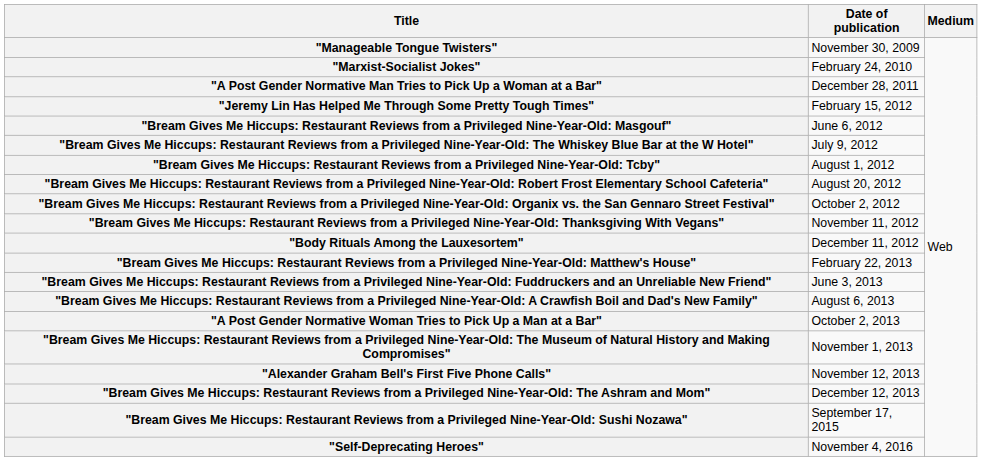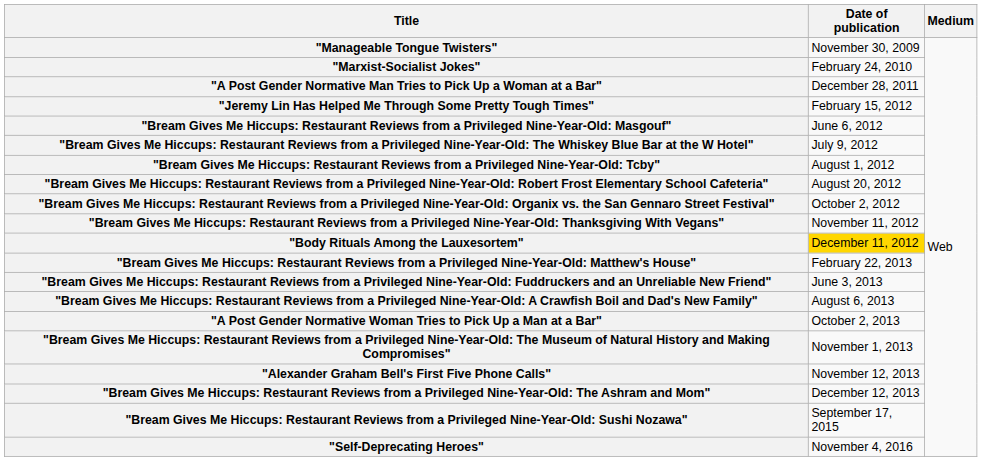 <table class="wikitable plainrowheaders sortable" style="margin-right: 0;">
 <tr>
 <th scope="col">Title</th>
 <th scope="col">Date of publication</th>
 <th>Medium</th>
 </tr>
 <tr>
 <th scope="row">"Manageable Tongue Twisters"</th>
 <td>November 30, 2009</td>
 <td rowspan="20">Web</td>
 </tr>
 <tr>
 <th scope="row">"Marxist-Socialist Jokes"</th>
 <td>February 24, 2010</td>
 </tr>
 <tr>
 <th scope="row">"A Post Gender Normative Man Tries to Pick Up a Woman at a Bar"</th>
 <td>December 28, 2011</td>
 </tr>
 <tr>
 <th scope="row">"Jeremy Lin Has Helped Me Through Some Pretty Tough Times"</th>
 <td>February 15, 2012</td>
 </tr>
 <tr>
 <th scope="row">"Bream Gives Me Hiccups: Restaurant Reviews from a Privileged Nine-Year-Old: Masgouf"</th>
 <td>June 6, 2012</td>
 </tr>
 <tr>
 <th scope="row">"Bream Gives Me Hiccups: Restaurant Reviews from a Privileged Nine-Year-Old: The Whiskey Blue Bar at the W Hotel"</th>
 <td>July 9, 2012</td>
 </tr>
 <tr>
 <th scope="row">"Bream Gives Me Hiccups: Restaurant Reviews from a Privileged Nine-Year-Old: Tcby"</th>
 <td>August 1, 2012</td>
 </tr>
 <tr>
 <th scope="row">"Bream Gives Me Hiccups: Restaurant Reviews from a Privileged Nine-Year-Old: Robert Frost Elementary School Cafeteria"</th>
 <td>August 20, 2012</td>
 </tr>
 <tr>
 <th scope="row">"Bream Gives Me Hiccups: Restaurant Reviews from a Privileged Nine-Year-Old: Organix vs. the San Gennaro Street Festival"</th>
 <td>October 2, 2012</td>
 </tr>
 <tr>
 <th scope="row">"Bream Gives Me Hiccups: Restaurant Reviews from a Privileged Nine-Year-Old: Thanksgiving With Vegans"</th>
 <td>November 11, 2012</td>
 </tr>
 <tr>
 <th scope="row">"Body Rituals Among the Lauxesortem"</th>
-<td>December 11, 2012</td>
+<td style="background: gold;">December 11, 2012</td>
 </tr>
 <tr>
 <th scope="row">"Bream Gives Me Hiccups: Restaurant Reviews from a Privileged Nine-Year-Old: Matthew's House"</th>
 <td>February 22, 2013</td>
 </tr>
 <tr>
 <th scope="row">"Bream Gives Me Hiccups: Restaurant Reviews from a Privileged Nine-Year-Old: Fuddruckers and an Unreliable New Friend"</th>
 <td>June 3, 2013</td>
 </tr>
 <tr>
 <th scope="row">"Bream Gives Me Hiccups: Restaurant Reviews from a Privileged Nine-Year-Old: A Crawfish Boil and Dad's New Family"</th>
 <td>August 6, 2013</td>
 </tr>
 <tr>
 <th scope="row">"A Post Gender Normative Woman Tries to Pick Up a Man at a Bar"</th>
 <td>October 2, 2013</td>
 </tr>
 <tr>
 <th scope="row">"Bream Gives Me Hiccups: Restaurant Reviews from a Privileged Nine-Year-Old: The Museum of Natural History and Making Compromises"</th>
 <td>November 1, 2013</td>
 </tr>
 <tr>
 <th scope="row">"Alexander Graham Bell's First Five Phone Calls"</th>
 <td>November 12, 2013</td>
 </tr>
 <tr>
 <th scope="row">"Bream Gives Me Hiccups: Restaurant Reviews from a Privileged Nine-Year-Old: The Ashram and Mom"</th>
 <td>December 12, 2013</td>
 </tr>
 <tr>
 <th scope="row">"Bream Gives Me Hiccups: Restaurant Reviews from a Privileged Nine-Year-Old: Sushi Nozawa"</th>
 <td>September 17, 2015</td>
 </tr>
 <tr>
 <th scope="row">"Self-Deprecating Heroes"</th>
 <td>November 4, 2016</td>
 </tr>
 </table>
